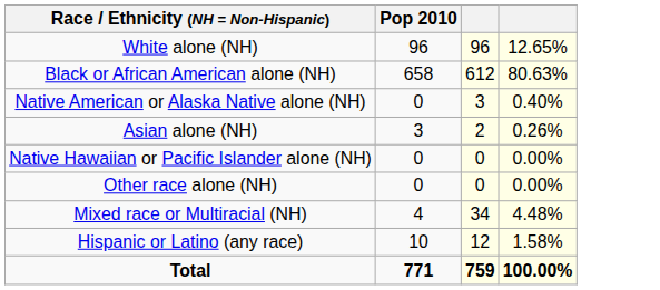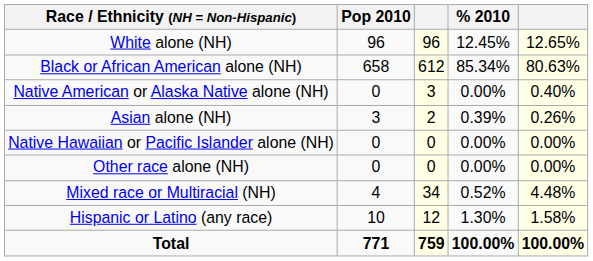 <table class="wikitable" style="text-align:center;">
 <tr>
 <th>Race / Ethnicity <small>(<em>NH = Non-Hispanic</em>)</small></th>
 <th>Pop 2010</th>
 <th></th>
+<th>% 2010</th>
 <th></th>
 </tr>
 <tr>
 <td><a href='#'>White</a> alone (NH)</td>
 <td>96</td>
 <td style='background: #ffffe6;'>96</td>
+<td>12.45%</td>
 <td style='background: #ffffe6;'>12.65%</td>
 </tr>
 <tr>
 <td><a href='#'>Black or African American</a> alone (NH)</td>
 <td>658</td>
 <td style='background: #ffffe6;'>612</td>
+<td>85.34%</td>
 <td style='background: #ffffe6;'>80.63%</td>
 </tr>
 <tr>
 <td><a href='#'>Native American</a> or <a href='#'>Alaska Native</a> alone (NH)</td>
 <td>0</td>
 <td style='background: #ffffe6;'>3</td>
+<td>0.00%</td>
 <td style='background: #ffffe6;'>0.40%</td>
 </tr>
 <tr>
 <td><a href='#'>Asian</a> alone (NH)</td>
 <td>3</td>
 <td style='background: #ffffe6;'>2</td>
+<td>0.39%</td>
 <td style='background: #ffffe6;'>0.26%</td>
 </tr>
 <tr>
 <td><a href='#'>Native Hawaiian</a> or <a href='#'>Pacific Islander</a> alone (NH)</td>
 <td>0</td>
 <td style='background: #ffffe6;'>0</td>
+<td>0.00%</td>
 <td style='background: #ffffe6;'>0.00%</td>
 </tr>
 <tr>
 <td><a href='#'>Other race</a> alone (NH)</td>
 <td>0</td>
 <td style='background: #ffffe6;'>0</td>
+<td>0.00%</td>
 <td style='background: #ffffe6;'>0.00%</td>
 </tr>
 <tr>
 <td><a href='#'>Mixed race or Multiracial</a> (NH)</td>
 <td>4</td>
 <td style='background: #ffffe6;'>34</td>
+<td>0.52%</td>
 <td style='background: #ffffe6;'>4.48%</td>
 </tr>
 <tr>
 <td><a href='#'>Hispanic or Latino</a> (any race)</td>
 <td>10</td>
 <td style='background: #ffffe6;'>12</td>
+<td>1.30%</td>
 <td style='background: #ffffe6;'>1.58%</td>
 </tr>
 <tr>
 <td><strong>Total</strong></td>
 <td><strong>771</strong></td>
 <td style='background: #ffffe6;'><strong>759</strong></td>
+<td><strong>100.00%</strong></td>
 <td style='background: #ffffe6;'><strong>100.00%</strong></td>
 </tr>
 </table>
